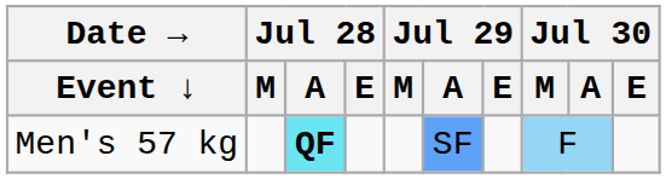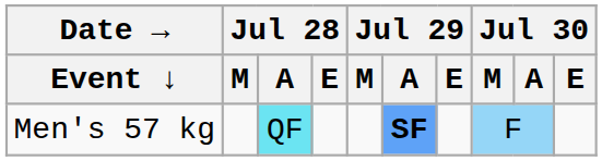 <table class="wikitable" style="margin:0.5em auto;">
 <tr>
 <th>Date →</th>
 <th colspan="3">Jul 28</th>
 <th colspan="3">Jul 29</th>
 <th colspan="3">Jul 30</th>
 </tr>
 <tr>
 <th>Event  ↓</th>
 <th>M</th>
 <th>A</th>
 <th>E</th>
 <th>M</th>
 <th>A</th>
 <th>E</th>
 <th>M</th>
 <th>A</th>
 <th>E</th>
 </tr>
 <tr>
 <td class="event">Men's 57 kg</td>
 <td></td>
-<td bgcolor="#6be4f2" align=center><strong>QF</strong></td>
+<td bgcolor="#6be4f2" align=center>QF</td>
 <td></td>
 <td></td>
-<td bgcolor="#5ea2f7" align=center>SF</td>
+<td bgcolor="#5ea2f7" align=center><strong>SF</strong></td>
 <td></td>
 <td colspan="2" bgcolor="#95d6f7" align=center>F</td>
 <td></td>
 </tr>
 </table>
